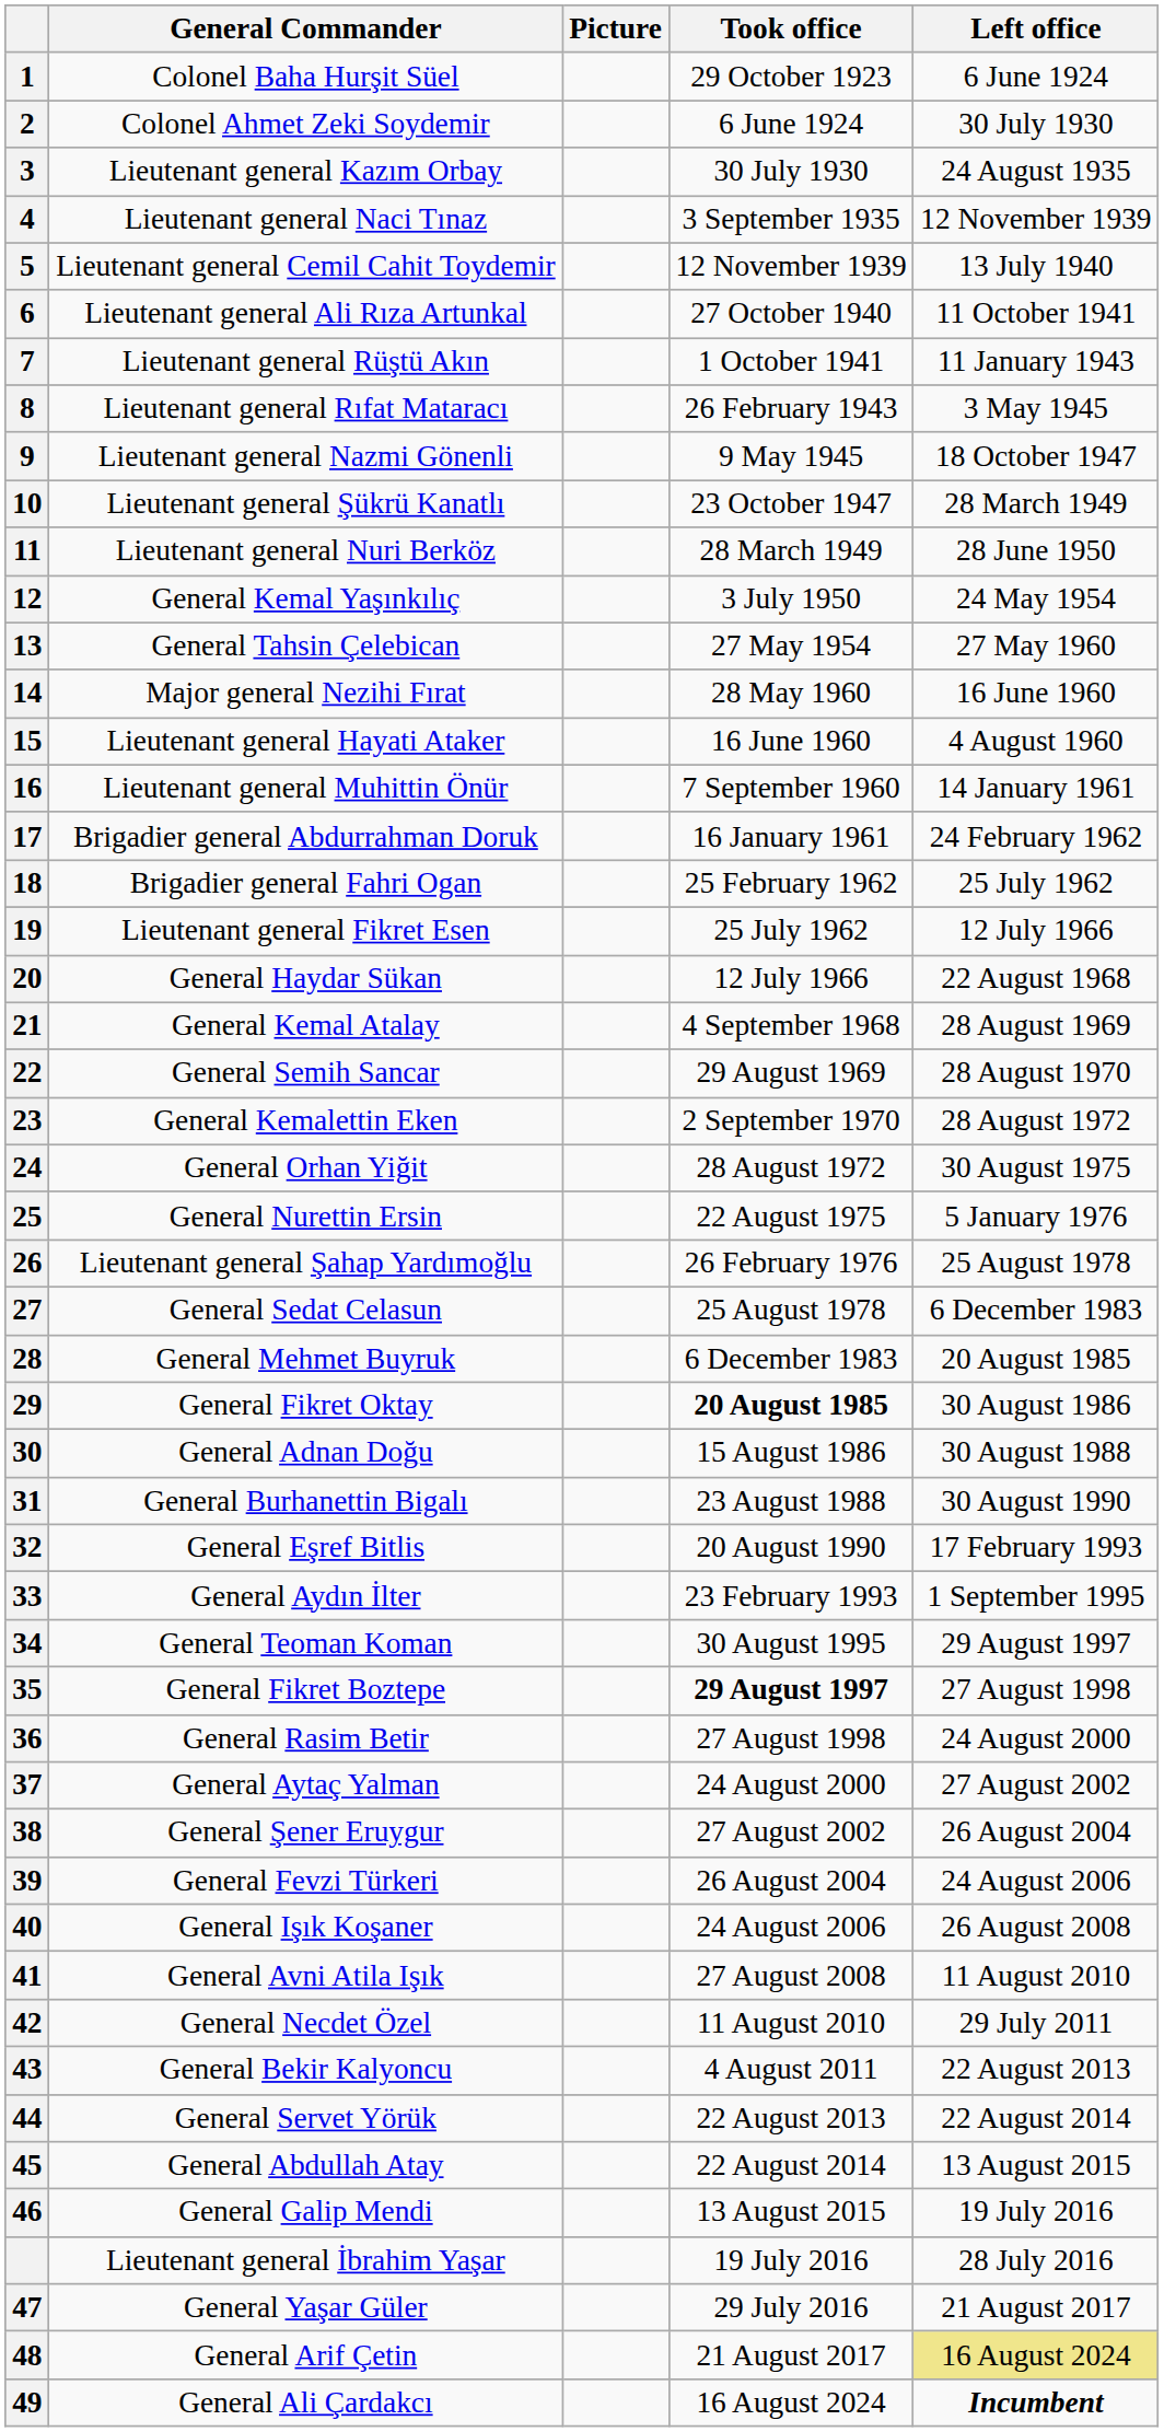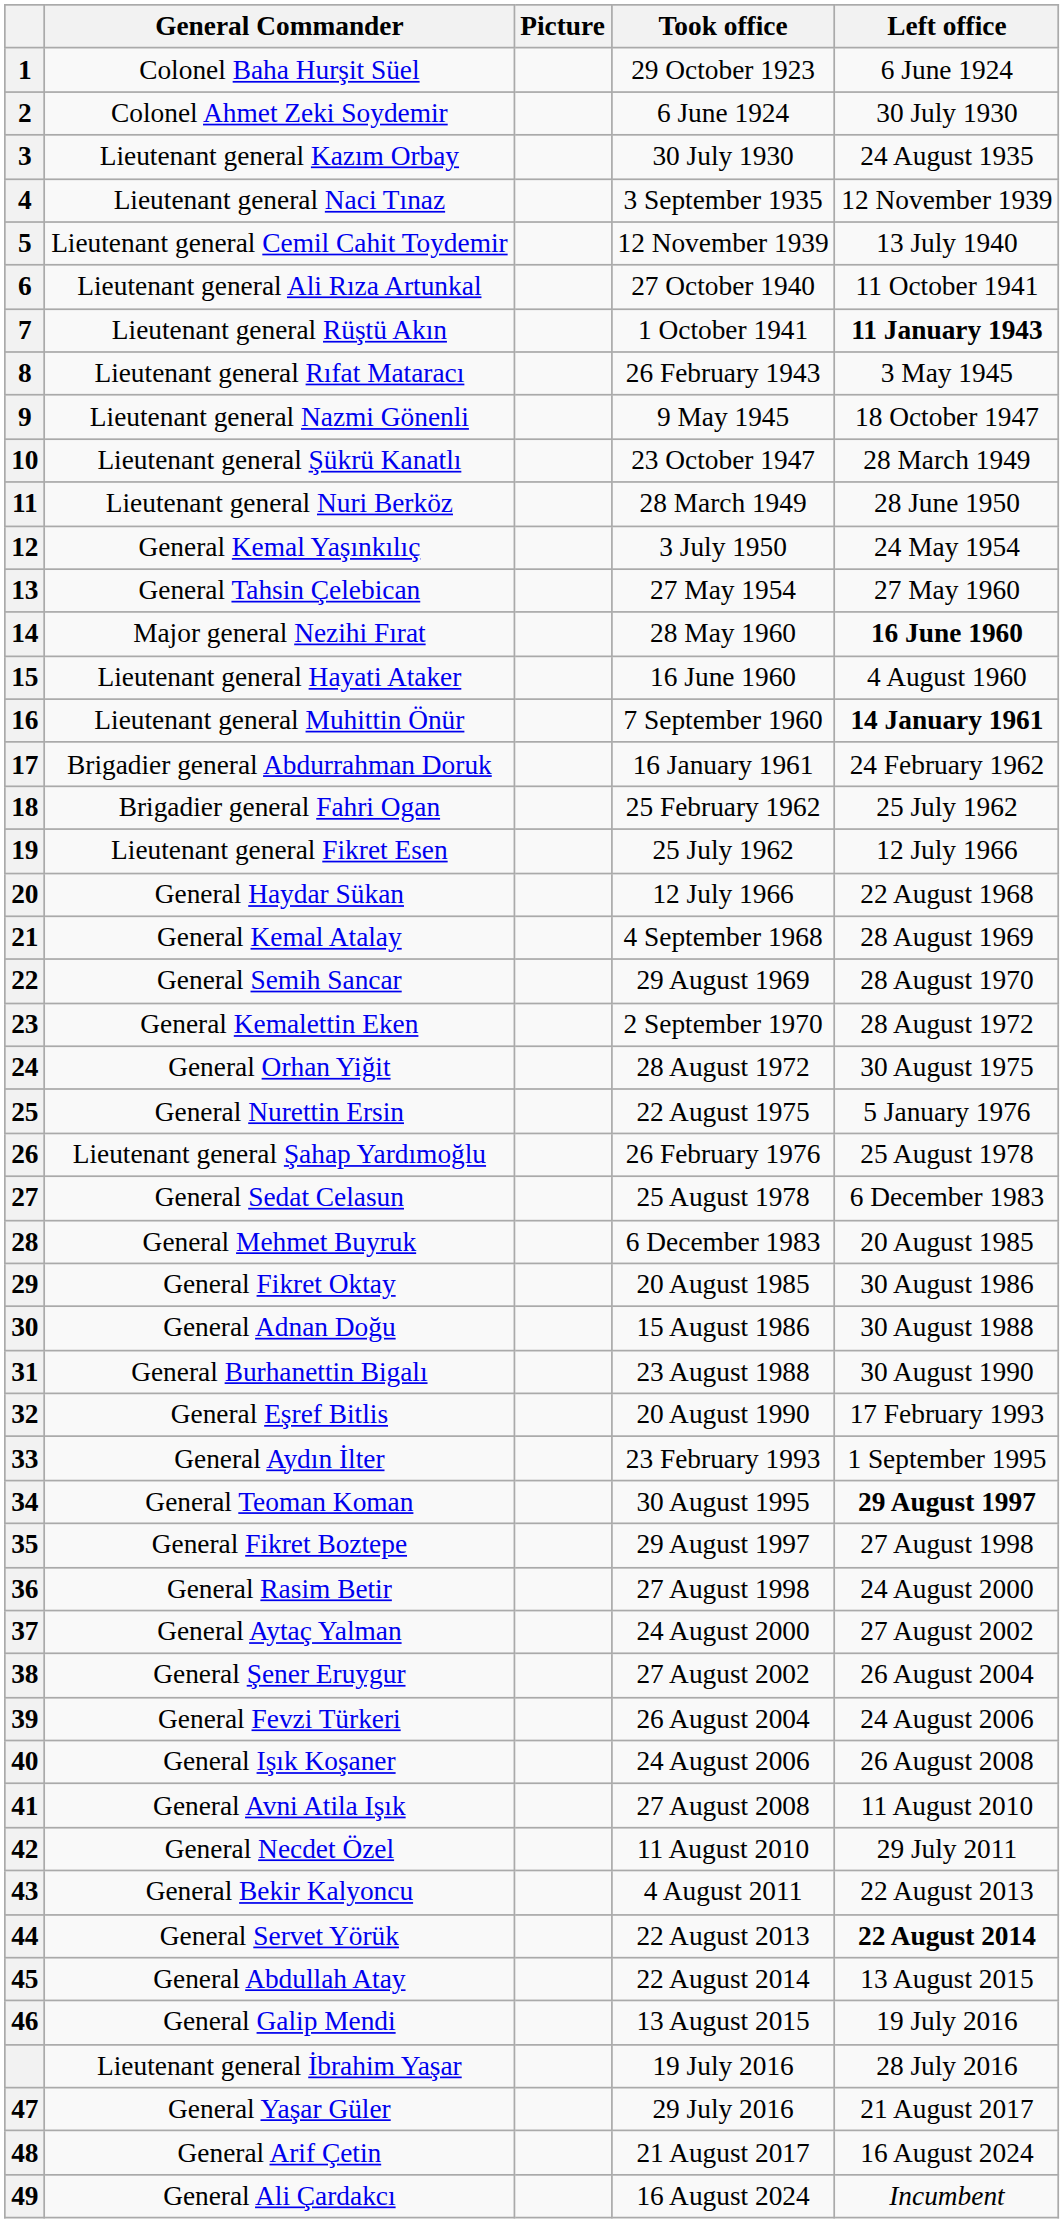 <table class="wikitable" style="text-align:center">
 <tr>
 <th></th>
 <th>General Commander</th>
 <th>Picture</th>
 <th>Took office</th>
 <th>Left office</th>
 </tr>
 <tr>
 <th>1</th>
 <td>Colonel <a href='#'>Baha Hurşit Süel</a></td>
 <td></td>
 <td>29 October 1923</td>
 <td>6 June 1924</td>
 </tr>
 <tr>
 <th>2</th>
 <td>Colonel <a href='#'>Ahmet Zeki Soydemir</a></td>
 <td></td>
 <td>6 June 1924</td>
 <td>30 July 1930</td>
 </tr>
 <tr>
 <th>3</th>
 <td>Lieutenant general <a href='#'>Kazım Orbay</a></td>
 <td></td>
 <td>30 July 1930</td>
 <td>24 August 1935</td>
 </tr>
 <tr>
 <th>4</th>
 <td>Lieutenant general <a href='#'>Naci Tınaz</a></td>
 <td></td>
 <td>3 September 1935</td>
 <td>12 November 1939</td>
 </tr>
 <tr>
 <th>5</th>
 <td>Lieutenant general <a href='#'>Cemil Cahit Toydemir</a></td>
 <td></td>
 <td>12 November 1939</td>
 <td>13 July 1940</td>
 </tr>
 <tr>
 <th>6</th>
 <td>Lieutenant general <a href='#'>Ali Rıza Artunkal</a></td>
 <td></td>
 <td>27 October 1940</td>
 <td>11 October 1941</td>
 </tr>
 <tr>
 <th>7</th>
 <td>Lieutenant general <a href='#'>Rüştü Akın</a></td>
 <td></td>
 <td>1 October 1941</td>
-<td>11 January 1943</td>
+<td><strong>11 January 1943</strong></td>
 </tr>
 <tr>
 <th>8</th>
 <td>Lieutenant general <a href='#'>Rıfat Mataracı</a></td>
 <td></td>
 <td>26 February 1943</td>
 <td>3 May 1945</td>
 </tr>
 <tr>
 <th>9</th>
 <td>Lieutenant general <a href='#'>Nazmi Gönenli</a></td>
 <td></td>
 <td>9 May 1945</td>
 <td>18 October 1947</td>
 </tr>
 <tr>
 <th>10</th>
 <td>Lieutenant general <a href='#'>Şükrü Kanatlı</a></td>
 <td></td>
 <td>23 October 1947</td>
 <td>28 March 1949</td>
 </tr>
 <tr>
 <th>11</th>
 <td>Lieutenant general <a href='#'>Nuri Berköz</a></td>
 <td></td>
 <td>28 March 1949</td>
 <td>28 June 1950</td>
 </tr>
 <tr>
 <th>12</th>
 <td>General <a href='#'>Kemal Yaşınkılıç</a></td>
 <td></td>
 <td>3 July 1950</td>
 <td>24 May 1954</td>
 </tr>
 <tr>
 <th>13</th>
 <td>General <a href='#'>Tahsin Çelebican</a></td>
 <td></td>
 <td>27 May 1954</td>
 <td>27 May 1960</td>
 </tr>
 <tr>
 <th>14</th>
 <td>Major general <a href='#'>Nezihi Fırat</a></td>
 <td></td>
 <td>28 May 1960</td>
-<td>16 June 1960</td>
+<td><strong>16 June 1960</strong></td>
 </tr>
 <tr>
 <th>15</th>
 <td>Lieutenant general <a href='#'>Hayati Ataker</a></td>
 <td></td>
 <td>16 June 1960</td>
 <td>4 August 1960</td>
 </tr>
 <tr>
 <th>16</th>
 <td>Lieutenant general <a href='#'>Muhittin Önür</a></td>
 <td></td>
 <td>7 September 1960</td>
-<td>14 January 1961</td>
+<td><strong>14 January 1961</strong></td>
 </tr>
 <tr>
 <th>17</th>
 <td>Brigadier general <a href='#'>Abdurrahman Doruk</a></td>
 <td></td>
 <td>16 January 1961</td>
 <td>24 February 1962</td>
 </tr>
 <tr>
 <th>18</th>
 <td>Brigadier general <a href='#'>Fahri Ogan</a></td>
 <td></td>
 <td>25 February 1962</td>
 <td>25 July 1962</td>
 </tr>
 <tr>
 <th>19</th>
 <td>Lieutenant general <a href='#'>Fikret Esen</a></td>
 <td></td>
 <td>25 July 1962</td>
 <td>12 July 1966</td>
 </tr>
 <tr>
 <th>20</th>
 <td>General <a href='#'>Haydar Sükan</a></td>
 <td></td>
 <td>12 July 1966</td>
 <td>22 August 1968</td>
 </tr>
 <tr>
 <th>21</th>
 <td>General <a href='#'>Kemal Atalay</a></td>
 <td></td>
 <td>4 September 1968</td>
 <td>28 August 1969</td>
 </tr>
 <tr>
 <th>22</th>
 <td>General <a href='#'>Semih Sancar</a></td>
 <td></td>
 <td>29 August 1969</td>
 <td>28 August 1970</td>
 </tr>
 <tr>
 <th>23</th>
 <td>General <a href='#'>Kemalettin Eken</a></td>
 <td></td>
 <td>2 September 1970</td>
 <td>28 August 1972</td>
 </tr>
 <tr>
 <th>24</th>
 <td>General <a href='#'>Orhan Yiğit</a></td>
 <td></td>
 <td>28 August 1972</td>
 <td>30 August 1975</td>
 </tr>
 <tr>
 <th>25</th>
 <td>General <a href='#'>Nurettin Ersin</a></td>
 <td></td>
 <td>22 August 1975</td>
 <td>5 January 1976</td>
 </tr>
 <tr>
 <th>26</th>
 <td>Lieutenant general <a href='#'>Şahap Yardımoğlu</a></td>
 <td></td>
 <td>26 February 1976</td>
 <td>25 August 1978</td>
 </tr>
 <tr>
 <th>27</th>
 <td>General <a href='#'>Sedat Celasun</a></td>
 <td></td>
 <td>25 August 1978</td>
 <td>6 December 1983</td>
 </tr>
 <tr>
 <th>28</th>
 <td>General <a href='#'>Mehmet Buyruk</a></td>
 <td></td>
 <td>6 December 1983</td>
 <td>20 August 1985</td>
 </tr>
 <tr>
 <th>29</th>
 <td>General <a href='#'>Fikret Oktay</a></td>
 <td></td>
-<td><strong>20 August 1985</strong></td>
+<td>20 August 1985</td>
 <td>30 August 1986</td>
 </tr>
 <tr>
 <th>30</th>
 <td>General <a href='#'>Adnan Doğu</a></td>
 <td></td>
 <td>15 August 1986</td>
 <td>30 August 1988</td>
 </tr>
 <tr>
 <th>31</th>
 <td>General <a href='#'>Burhanettin Bigalı</a></td>
 <td></td>
 <td>23 August 1988</td>
 <td>30 August 1990</td>
 </tr>
 <tr>
 <th>32</th>
 <td>General <a href='#'>Eşref Bitlis</a></td>
 <td></td>
 <td>20 August 1990</td>
 <td>17 February 1993</td>
 </tr>
 <tr>
 <th>33</th>
 <td>General <a href='#'>Aydın İlter</a></td>
 <td></td>
 <td>23 February 1993</td>
 <td>1 September 1995</td>
 </tr>
 <tr>
 <th>34</th>
 <td>General <a href='#'>Teoman Koman</a></td>
 <td></td>
 <td>30 August 1995</td>
-<td>29 August 1997</td>
+<td><strong>29 August 1997</strong></td>
 </tr>
 <tr>
 <th>35</th>
 <td>General <a href='#'>Fikret Boztepe</a></td>
 <td></td>
-<td><strong>29 August 1997</strong></td>
+<td>29 August 1997</td>
 <td>27 August 1998</td>
 </tr>
 <tr>
 <th>36</th>
 <td>General <a href='#'>Rasim Betir</a></td>
 <td></td>
 <td>27 August 1998</td>
 <td>24 August 2000</td>
 </tr>
 <tr>
 <th>37</th>
 <td>General <a href='#'>Aytaç Yalman</a></td>
 <td></td>
 <td>24 August 2000</td>
 <td>27 August 2002</td>
 </tr>
 <tr>
 <th>38</th>
 <td>General <a href='#'>Şener Eruygur</a></td>
 <td></td>
 <td>27 August 2002</td>
 <td>26 August 2004</td>
 </tr>
 <tr>
 <th>39</th>
 <td>General <a href='#'>Fevzi Türkeri</a></td>
 <td></td>
 <td>26 August 2004</td>
 <td>24 August 2006</td>
 </tr>
 <tr>
 <th>40</th>
 <td>General <a href='#'>Işık Koşaner</a></td>
 <td></td>
 <td>24 August 2006</td>
 <td>26 August 2008</td>
 </tr>
 <tr>
 <th>41</th>
 <td>General <a href='#'>Avni Atila Işık</a></td>
 <td></td>
 <td>27 August 2008</td>
 <td>11 August 2010</td>
 </tr>
 <tr>
 <th>42</th>
 <td>General <a href='#'>Necdet Özel</a></td>
 <td></td>
 <td>11 August 2010</td>
 <td>29 July 2011</td>
 </tr>
 <tr>
 <th>43</th>
 <td>General <a href='#'>Bekir Kalyoncu</a></td>
 <td></td>
 <td>4 August 2011</td>
 <td>22 August 2013</td>
 </tr>
 <tr>
 <th>44</th>
 <td>General <a href='#'>Servet Yörük</a></td>
 <td></td>
 <td>22 August 2013</td>
-<td>22 August 2014</td>
+<td><strong>22 August 2014</strong></td>
 </tr>
 <tr>
 <th>45</th>
 <td>General <a href='#'>Abdullah Atay</a></td>
 <td></td>
 <td>22 August 2014</td>
 <td>13 August 2015</td>
 </tr>
 <tr>
 <th>46</th>
 <td>General <a href='#'>Galip Mendi</a></td>
 <td></td>
 <td>13 August 2015</td>
 <td>19 July 2016</td>
 </tr>
 <tr>
 <th></th>
 <td>Lieutenant general <a href='#'>İbrahim Yaşar</a><br></td>
 <td></td>
 <td>19 July 2016</td>
 <td>28 July 2016</td>
 </tr>
 <tr>
 <th>47</th>
 <td>General <a href='#'>Yaşar Güler</a></td>
 <td></td>
 <td>29 July 2016</td>
 <td>21 August 2017</td>
 </tr>
 <tr>
 <th>48</th>
 <td>General <a href='#'>Arif Çetin</a></td>
 <td></td>
 <td>21 August 2017</td>
-<td style="background: khaki;">16 August 2024</td>
+<td>16 August 2024</td>
 </tr>
 <tr>
 <th>49</th>
 <td>General <a href='#'>Ali Çardakcı</a></td>
 <td></td>
 <td>16 August 2024</td>
-<td><strong><em>Incumbent</em></strong></td>
+<td><em>Incumbent</em></td>
 </tr>
 </table>
